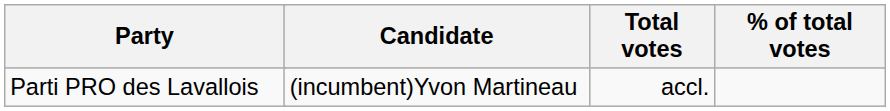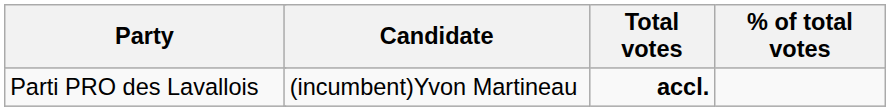 <table style="width:600px;" class="wikitable">
 <tr style="background-color:#E9E9E9">
 <th colspan="2" style="width: 200px">Party</th>
 <th colspan="1" style="width: 200px">Candidate</th>
 <th align="right">Total votes</th>
 <th align="right">% of total votes</th>
 </tr>
 <tr>
 <td colspan="2" align="left">Parti PRO des Lavallois</td>
 <td align="left">(incumbent)Yvon Martineau</td>
-<td align="right">accl.</td>
+<td align="right"><strong>accl.</strong></td>
 <td align="right"></td>
 </tr>
 </table>
